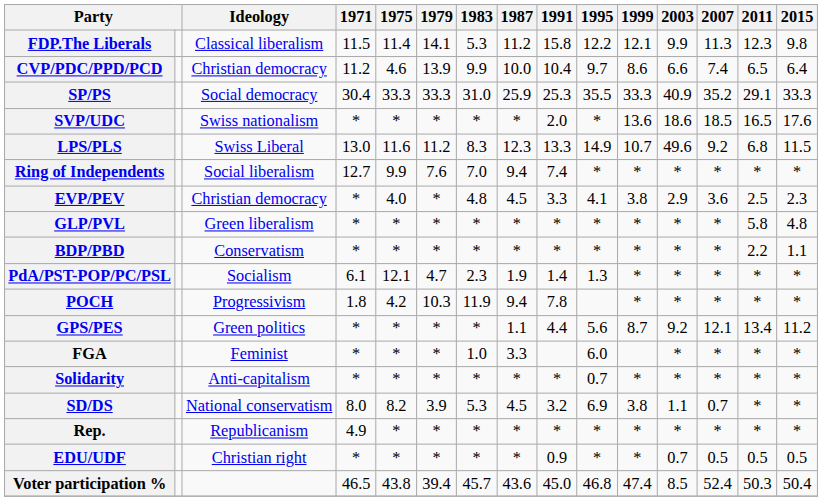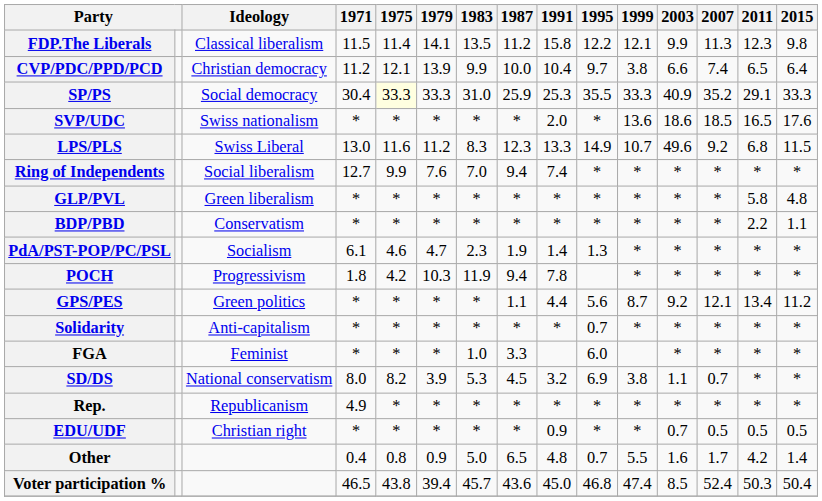 <table class="wikitable sortable" style="text-align: center;">
 <tr>
 <th colspan="2">Party</th>
 <th class="unsortable">Ideology</th>
 <th>1971</th>
 <th>1975</th>
 <th>1979</th>
 <th>1983</th>
 <th>1987</th>
 <th>1991</th>
 <th>1995</th>
 <th>1999</th>
 <th>2003</th>
 <th>2007</th>
 <th>2011</th>
 <th>2015</th>
 </tr>
 <tr>
 <th><a href='#'>FDP.The Liberals</a></th>
 <td></td>
 <td><a href='#'>Classical liberalism</a></td>
 <td>11.5</td>
 <td>11.4</td>
 <td>14.1</td>
-<td>5.3</td>
+<td>13.5</td>
 <td>11.2</td>
 <td>15.8</td>
 <td>12.2</td>
 <td>12.1</td>
 <td>9.9</td>
 <td>11.3</td>
 <td>12.3</td>
 <td>9.8</td>
 </tr>
 <tr>
 <th><a href='#'>CVP/PDC/PPD/PCD</a></th>
 <td></td>
 <td><a href='#'>Christian democracy</a></td>
 <td>11.2</td>
-<td>4.6</td>
+<td>12.1</td>
 <td>13.9</td>
 <td>9.9</td>
 <td>10.0</td>
 <td>10.4</td>
 <td>9.7</td>
-<td>8.6</td>
+<td>3.8</td>
 <td>6.6</td>
 <td>7.4</td>
 <td>6.5</td>
 <td>6.4</td>
 </tr>
 <tr>
 <th><a href='#'>SP/PS</a></th>
 <td></td>
 <td><a href='#'>Social democracy</a></td>
 <td>30.4</td>
-<td>33.3</td>
+<td style="background: lightyellow;">33.3</td>
 <td>33.3</td>
 <td>31.0</td>
 <td>25.9</td>
 <td>25.3</td>
 <td>35.5</td>
 <td>33.3</td>
 <td>40.9</td>
 <td>35.2</td>
 <td>29.1</td>
 <td>33.3</td>
 </tr>
 <tr>
 <th><a href='#'>SVP/UDC</a></th>
 <td></td>
 <td><a href='#'>Swiss nationalism</a></td>
 <td>* </td>
 <td>*</td>
 <td>*</td>
 <td>*</td>
 <td>*</td>
 <td>2.0</td>
 <td>*</td>
 <td>13.6</td>
 <td>18.6</td>
 <td>18.5</td>
 <td>16.5</td>
 <td>17.6</td>
 </tr>
 <tr>
 <th><a href='#'>LPS/PLS</a></th>
 <td></td>
 <td><a href='#'>Swiss Liberal</a></td>
 <td>13.0</td>
 <td>11.6</td>
 <td>11.2</td>
 <td>8.3</td>
 <td>12.3</td>
 <td>13.3</td>
 <td>14.9</td>
 <td>10.7</td>
 <td>49.6</td>
 <td>9.2</td>
 <td>6.8</td>
 <td>11.5</td>
 </tr>
 <tr>
 <th><a href='#'>Ring of Independents</a></th>
 <td></td>
 <td><a href='#'>Social liberalism</a></td>
 <td>12.7</td>
 <td>9.9</td>
 <td>7.6</td>
 <td>7.0</td>
 <td>9.4</td>
 <td>7.4</td>
 <td>*</td>
 <td>*</td>
 <td>*</td>
 <td>*</td>
 <td>*</td>
 <td>*</td>
 </tr>
 <tr>
-<th><a href='#'>EVP/PEV</a></th>
-<td></td>
-<td><a href='#'>Christian democracy</a></td>
-<td>*</td>
-<td>4.0</td>
-<td>*</td>
-<td>4.8</td>
-<td>4.5</td>
-<td>3.3</td>
-<td>4.1</td>
-<td>3.8</td>
-<td>2.9</td>
-<td>3.6</td>
-<td>2.5</td>
-<td>2.3</td>
-</tr>
-<tr>
 <th><a href='#'>GLP/PVL</a></th>
 <td></td>
 <td><a href='#'>Green liberalism</a></td>
 <td>*</td>
 <td>*</td>
 <td>*</td>
 <td>*</td>
 <td>*</td>
 <td>*</td>
 <td>*</td>
 <td>*</td>
 <td>*</td>
 <td>*</td>
 <td>5.8</td>
 <td>4.8</td>
 </tr>
 <tr>
 <th><a href='#'>BDP/PBD</a></th>
 <td></td>
 <td><a href='#'>Conservatism</a></td>
 <td>*</td>
 <td>*</td>
 <td>*</td>
 <td>*</td>
 <td>*</td>
 <td>*</td>
 <td>*</td>
 <td>*</td>
 <td>*</td>
 <td>*</td>
 <td>2.2</td>
 <td>1.1</td>
 </tr>
 <tr>
 <th><a href='#'>PdA/PST-POP/PC/PSL</a></th>
 <td></td>
 <td><a href='#'>Socialism</a></td>
 <td>6.1</td>
-<td>12.1</td>
+<td>4.6</td>
 <td>4.7</td>
 <td>2.3</td>
 <td>1.9</td>
 <td>1.4</td>
 <td>1.3</td>
 <td>*</td>
 <td>*</td>
 <td>*</td>
 <td>*</td>
 <td>*</td>
 </tr>
 <tr>
 <th><a href='#'>POCH</a></th>
 <td></td>
 <td><a href='#'>Progressivism</a></td>
 <td>1.8</td>
 <td>4.2</td>
 <td>10.3</td>
 <td>11.9</td>
 <td>9.4</td>
 <td>7.8</td>
 <td></td>
 <td>*</td>
 <td>*</td>
 <td>*</td>
 <td>*</td>
 <td>*</td>
 </tr>
 <tr>
 <th><a href='#'>GPS/PES</a></th>
 <td></td>
 <td><a href='#'>Green politics</a></td>
 <td>*</td>
 <td>*</td>
 <td>*</td>
 <td>*</td>
 <td>1.1</td>
 <td>4.4</td>
 <td>5.6</td>
 <td>8.7</td>
 <td>9.2</td>
 <td>12.1</td>
 <td>13.4</td>
 <td>11.2</td>
 </tr>
 <tr>
+<th><a href='#'>Solidarity</a></th>
+<td></td>
+<td><a href='#'>Anti-capitalism</a></td>
+<td>*</td>
+<td>*</td>
+<td>*</td>
+<td>*</td>
+<td>*</td>
+<td>*</td>
+<td>0.7</td>
+<td>*</td>
+<td>*</td>
+<td>*</td>
+<td>*</td>
+<td>*</td>
+</tr>
+<tr>
 <th>FGA</th>
 <td></td>
 <td><a href='#'>Feminist</a></td>
 <td>*</td>
 <td>*</td>
 <td>*</td>
 <td>1.0</td>
 <td>3.3</td>
 <td></td>
 <td>6.0</td>
 <td></td>
-<td>*</td>
-<td>*</td>
-<td>*</td>
-<td>*</td>
-</tr>
-<tr>
-<th><a href='#'>Solidarity</a></th>
-<td></td>
-<td><a href='#'>Anti-capitalism</a></td>
-<td>*</td>
-<td>*</td>
-<td>*</td>
-<td>*</td>
-<td>*</td>
-<td>*</td>
-<td>0.7</td>
-<td>*</td>
 <td>*</td>
 <td>*</td>
 <td>*</td>
 <td>*</td>
 </tr>
 <tr>
 <th><a href='#'>SD/DS</a></th>
 <td></td>
 <td><a href='#'>National conservatism</a></td>
 <td>8.0</td>
 <td>8.2</td>
 <td>3.9</td>
 <td>5.3</td>
 <td>4.5</td>
 <td>3.2</td>
 <td>6.9</td>
 <td>3.8</td>
 <td>1.1</td>
 <td>0.7</td>
 <td>*</td>
 <td>*</td>
 </tr>
 <tr>
 <th>Rep.</th>
 <td></td>
 <td><a href='#'>Republicanism</a></td>
 <td>4.9</td>
 <td>*</td>
 <td>*</td>
 <td>*</td>
 <td>*</td>
 <td>*</td>
 <td>*</td>
 <td>*</td>
 <td>*</td>
 <td>*</td>
 <td>*</td>
 <td>*</td>
 </tr>
 <tr>
 <th><a href='#'>EDU/UDF</a></th>
 <td></td>
 <td><a href='#'>Christian right</a></td>
 <td>*</td>
 <td>*</td>
 <td>*</td>
 <td>*</td>
 <td>*</td>
 <td>0.9</td>
 <td>*</td>
 <td>*</td>
 <td>0.7</td>
 <td>0.5</td>
 <td>0.5</td>
 <td>0.5</td>
 </tr>
 <tr>
+<th>Other</th>
+<td></td>
+<td></td>
+<td>0.4</td>
+<td>0.8</td>
+<td>0.9</td>
+<td>5.0</td>
+<td>6.5</td>
+<td>4.8</td>
+<td>0.7</td>
+<td>5.5</td>
+<td>1.6</td>
+<td>1.7</td>
+<td>4.2</td>
+<td>1.4</td>
+</tr>
+<tr>
 <th>Voter participation %</th>
 <td></td>
 <td></td>
 <td>46.5</td>
 <td>43.8</td>
 <td>39.4</td>
 <td>45.7</td>
 <td>43.6</td>
 <td>45.0</td>
 <td>46.8</td>
 <td>47.4</td>
 <td>8.5</td>
 <td>52.4</td>
 <td>50.3</td>
 <td>50.4</td>
 </tr>
 <tr>
 </tr>
 </table>
